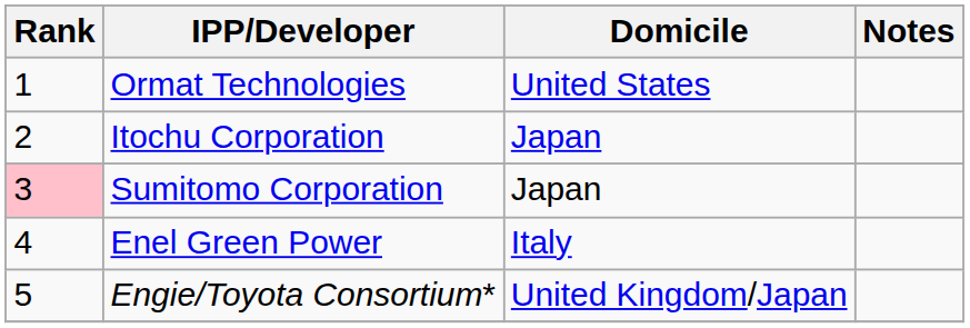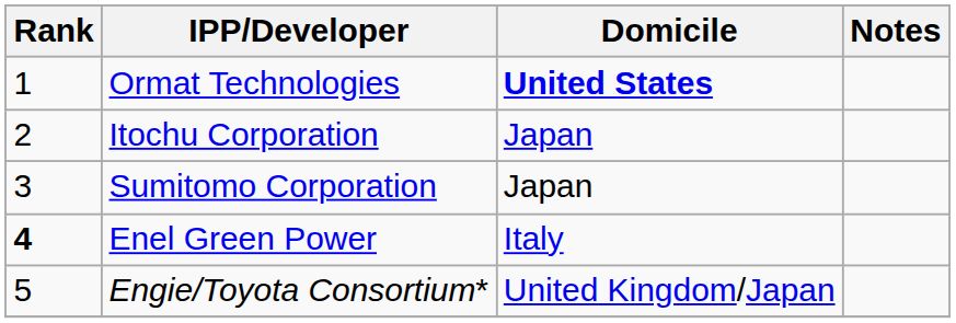 <table class="wikitable sortable" style="margin: 0.5em auto">
 <tr>
 <th>Rank</th>
 <th>IPP/Developer</th>
 <th>Domicile</th>
 <th>Notes</th>
 </tr>
 <tr>
 <td>1</td>
 <td><a href='#'>Ormat Technologies</a></td>
-<td><a href='#'>United States</a></td>
+<td><strong><a href='#'>United States</a></strong></td>
 <td></td>
 </tr>
 <tr>
 <td>2</td>
 <td><a href='#'>Itochu Corporation</a></td>
 <td><a href='#'>Japan</a></td>
 <td></td>
 </tr>
 <tr>
-<td style="background: pink;">3</td>
+<td>3</td>
 <td><a href='#'>Sumitomo Corporation</a></td>
 <td>Japan</td>
 <td></td>
 </tr>
 <tr>
-<td>4</td>
+<td><strong>4</strong></td>
 <td><a href='#'>Enel Green Power</a></td>
 <td><a href='#'>Italy</a></td>
 <td></td>
 </tr>
 <tr>
 <td>5</td>
 <td><em>Engie/Toyota Consortium</em>*</td>
 <td><a href='#'>United Kingdom</a>/<a href='#'>Japan</a></td>
 <td></td>
 </tr>
 <tr>
 </tr>
 </table>
